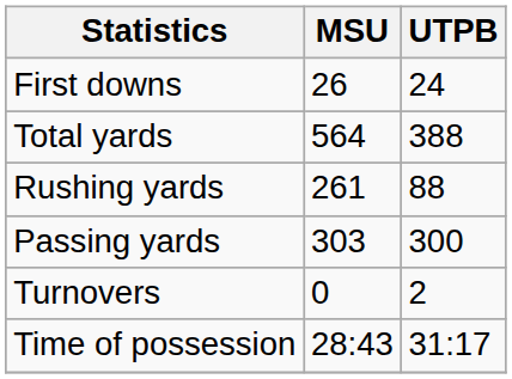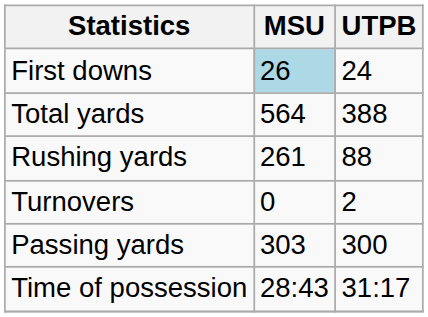 <table class="wikitable" style="float: left;">
 <tr>
 <th>Statistics</th>
 <th>MSU</th>
 <th>UTPB</th>
 </tr>
 <tr>
 <td>First downs</td>
-<td>26</td>
+<td style="background: lightblue;">26</td>
 <td>24</td>
 </tr>
 <tr>
 <td>Total yards</td>
 <td>564</td>
 <td>388</td>
 </tr>
 <tr>
 <td>Rushing yards</td>
 <td>261</td>
 <td>88</td>
 </tr>
 <tr>
+<td>Turnovers</td>
+<td>0</td>
+<td>2</td>
+</tr>
+<tr>
 <td>Passing yards</td>
 <td>303</td>
 <td>300</td>
-</tr>
-<tr>
-<td>Turnovers</td>
-<td>0</td>
-<td>2</td>
 </tr>
 <tr>
 <td>Time of possession</td>
 <td>28:43</td>
 <td>31:17</td>
 </tr>
 <tr>
 </tr>
 </table>
